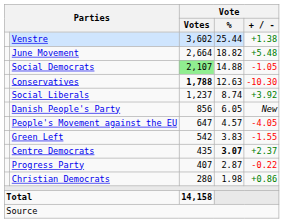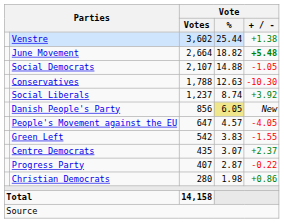 <table class="wikitable" style="text-align:right;">
 <tr>
 <th style="text-align:centre;" rowspan="2" colspan="2" width="225">Parties</th>
 <th colspan="3">Vote</th>
 </tr>
 <tr>
 <th width="15">Votes</th>
 <th width="15">%</th>
 <th width="15">+ / -</th>
 </tr>
 <tr>
 <td width="2" style="color:inherit;background:"></td>
 <td bgcolor=#cfe5fe   align="left"><a href='#'>Venstre</a></td>
 <td bgcolor=#cfe5fe>3,602</td>
 <td bgcolor=#cfe5fe>25.44</td>
 <td style=color:green;>+1.38</td>
 </tr>
 <tr>
 <td width="2" style="color:inherit;background:"></td>
 <td align="left"><a href='#'>June Movement</a></td>
 <td>2,664</td>
 <td>18.82</td>
-<td style=color:green;>+5.48</td>
+<td style=color:green;><strong>+5.48</strong></td>
 </tr>
 <tr>
 <td width="2" style="color:inherit;background:"></td>
 <td align="left"><a href='#'>Social Democrats</a></td>
-<td style="background: lightgreen;">2,107</td>
+<td>2,107</td>
 <td>14.88</td>
 <td style=color:red;>-1.05</td>
 </tr>
 <tr>
 <td width="2" style="color:inherit;background:"></td>
 <td align="left"><a href='#'>Conservatives</a></td>
-<td><strong>1,788</strong></td>
+<td>1,788</td>
 <td>12.63</td>
 <td style=color:red;>-10.30</td>
 </tr>
 <tr>
 <td width="2" style="color:inherit;background:"></td>
 <td align="left"><a href='#'>Social Liberals</a></td>
 <td>1,237</td>
 <td>8.74</td>
 <td style=color:green;>+3.92</td>
 </tr>
 <tr>
 <td width="2" style="color:inherit;background:"></td>
 <td align="left"><a href='#'>Danish People's Party</a></td>
 <td>856</td>
-<td>6.05</td>
+<td style="background: khaki;">6.05</td>
 <td><em>New</em></td>
 </tr>
 <tr>
 <td width="2" style="color:inherit;background:"></td>
 <td align="left"><a href='#'>People's Movement against the EU</a></td>
 <td>647</td>
 <td>4.57</td>
 <td style=color:red;>-4.05</td>
 </tr>
 <tr>
 <td width="2" style="color:inherit;background:"></td>
 <td align="left"><a href='#'>Green Left</a></td>
 <td>542</td>
 <td>3.83</td>
 <td style=color:red;>-1.55</td>
 </tr>
 <tr>
 <td width="2" style="color:inherit;background:"></td>
 <td align="left"><a href='#'>Centre Democrats</a></td>
 <td>435</td>
-<td><strong>3.07</strong></td>
+<td>3.07</td>
 <td style=color:green;>+2.37</td>
 </tr>
 <tr>
 <td width="2" style="color:inherit;background:"></td>
 <td align="left"><a href='#'>Progress Party</a></td>
 <td>407</td>
 <td>2.87</td>
 <td style=color:red;>-0.22</td>
 </tr>
 <tr>
 <td width="2" style="color:inherit;background:"></td>
 <td align="left"><a href='#'>Christian Democrats</a></td>
 <td>280</td>
 <td>1.98</td>
 <td style=color:green;>+0.86</td>
 </tr>
 <tr>
 <td colspan="7" bgcolor="#E9E9E9"></td>
 </tr>
 <tr>
 <td align="left" colspan="2"><strong>Total</strong></td>
 <td><strong>14,158</strong></td>
 <td bgcolor="#E9E9E9" colspan="2"></td>
 </tr>
 <tr>
 <td align="left" colspan="6">Source</td>
 </tr>
 </table>
